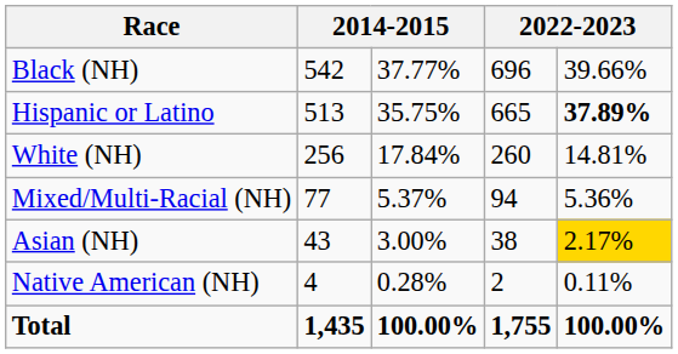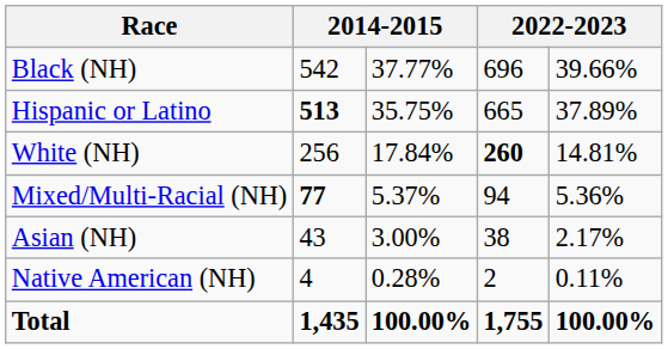 <table class="wikitable">
 <tr>
 <th>Race</th>
 <th colspan="2">2014-2015</th>
 <th colspan="2">2022-2023</th>
 </tr>
 <tr>
 <td><a href='#'>Black</a> (NH)</td>
 <td>542</td>
 <td>37.77%</td>
 <td>696</td>
 <td>39.66%</td>
 </tr>
 <tr>
 <td><a href='#'>Hispanic or Latino</a></td>
-<td>513</td>
+<td><strong>513</strong></td>
 <td>35.75%</td>
 <td>665</td>
-<td><strong>37.89%</strong></td>
+<td>37.89%</td>
 </tr>
 <tr>
 <td><a href='#'>White</a> (NH)</td>
 <td>256</td>
 <td>17.84%</td>
-<td>260</td>
+<td><strong>260</strong></td>
 <td>14.81%</td>
 </tr>
 <tr>
 <td><a href='#'>Mixed/Multi-Racial</a> (NH)</td>
-<td>77</td>
+<td><strong>77</strong></td>
 <td>5.37%</td>
 <td>94</td>
 <td>5.36%</td>
 </tr>
 <tr>
 <td><a href='#'>Asian</a> (NH)</td>
 <td>43</td>
 <td>3.00%</td>
 <td>38</td>
-<td style="background: gold;">2.17%</td>
+<td>2.17%</td>
 </tr>
 <tr>
 <td><a href='#'>Native American</a> (NH)</td>
 <td>4</td>
 <td>0.28%</td>
 <td>2</td>
 <td>0.11%</td>
 </tr>
 <tr>
 <td><strong>Total</strong></td>
 <td><strong>1,435</strong></td>
 <td><strong>100.00%</strong></td>
 <td><strong>1,755</strong></td>
 <td><strong>100.00%</strong></td>
 </tr>
 </table>
